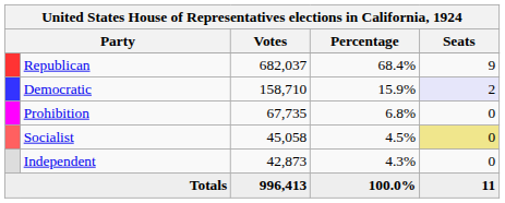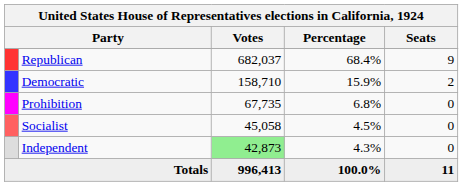 <table class="wikitable" style="font-size: 95%;">
 <tr>
 <th colspan="6">United States House of Representatives elections in California, 1924</th>
 </tr>
 <tr>
 <th colspan=2 style="width: 15em">Party</th>
 <th style="width: 5em">Votes</th>
 <th style="width: 7em">Percentage</th>
 <th style="width: 5em">Seats</th>
 </tr>
 <tr>
 </tr>
 <tr>
 <th style="background-color:#FF3333; width: 3px"></th>
 <td style="width: 130px"><a href='#'>Republican</a></td>
 <td align="right">682,037</td>
 <td align="right">68.4%</td>
 <td align="right">9</td>
 </tr>
 <tr>
 <th style="background-color:#3333FF; width: 3px"></th>
 <td style="width: 130px"><a href='#'>Democratic</a></td>
 <td align="right">158,710</td>
 <td align="right">15.9%</td>
-<td align="right" style="background: lavender;">2</td>
+<td align="right">2</td>
 </tr>
 <tr>
 <th style="background-color:#FF00FF; width: 3px"></th>
 <td style="width: 130px"><a href='#'>Prohibition</a></td>
 <td align="right">67,735</td>
 <td align="right">6.8%</td>
 <td align="right">0</td>
 </tr>
 <tr>
 <th style="background-color:#FF6060; width: 3px"></th>
 <td style="width: 130px"><a href='#'>Socialist</a></td>
 <td align="right">45,058</td>
 <td align="right">4.5%</td>
-<td align="right" style="background: khaki;">0</td>
+<td align="right">0</td>
 </tr>
 <tr>
 <th style="background-color:#DDDDDD; width: 3px"></th>
 <td style="width: 130px"><a href='#'>Independent</a></td>
-<td align="right">42,873</td>
+<td align="right" style="background: lightgreen;">42,873</td>
 <td align="right">4.3%</td>
 <td align="right">0</td>
 </tr>
 <tr bgcolor="#EEEEEE">
 <td colspan="2" align="right"><strong>Totals</strong></td>
 <td align="right"><strong>996,413</strong></td>
 <td align="right"><strong>100.0%</strong></td>
 <td align="right"><strong>11</strong></td>
 </tr>
 </table>
